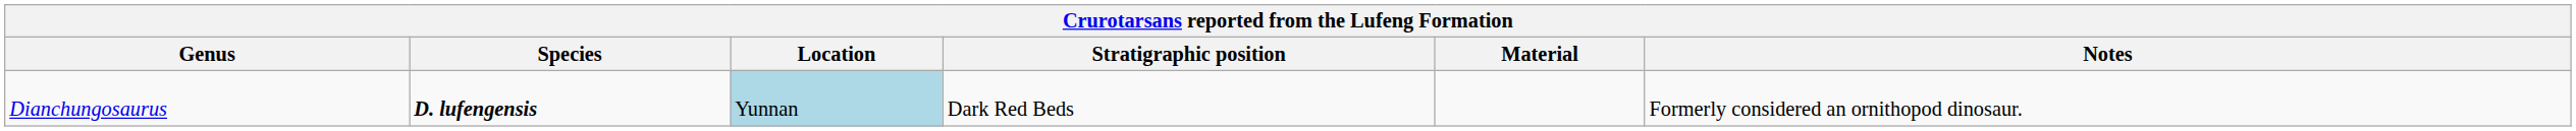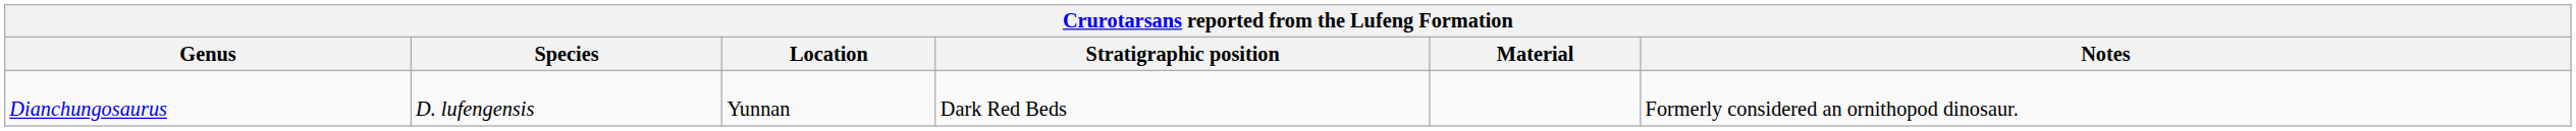 <table class="wikitable"  style="margin:auto; width:100%;">
 <tr>
 <th colspan="7" style="text-align:center;"><a href='#'>Crurotarsans</a> reported from the Lufeng Formation</th>
 </tr>
 <tr>
 <th>Genus</th>
 <th>Species</th>
 <th>Location</th>
 <th>Stratigraphic position</th>
 <th>Material</th>
 <th>Notes<br></th>
 </tr>
 <tr>
 <td><br><em><a href='#'>Dianchungosaurus</a></em></td>
-<td><strong><br><em>D. lufengensis</em></strong></td>
-<td style="background: lightblue;"><br>Yunnan</td>
+<td><br><em>D. lufengensis</em></td>
+<td><br>Yunnan</td>
 <td><br>Dark Red Beds</td>
 <td></td>
 <td><br>Formerly considered an ornithopod dinosaur. </td>
 </tr>
 </table>
